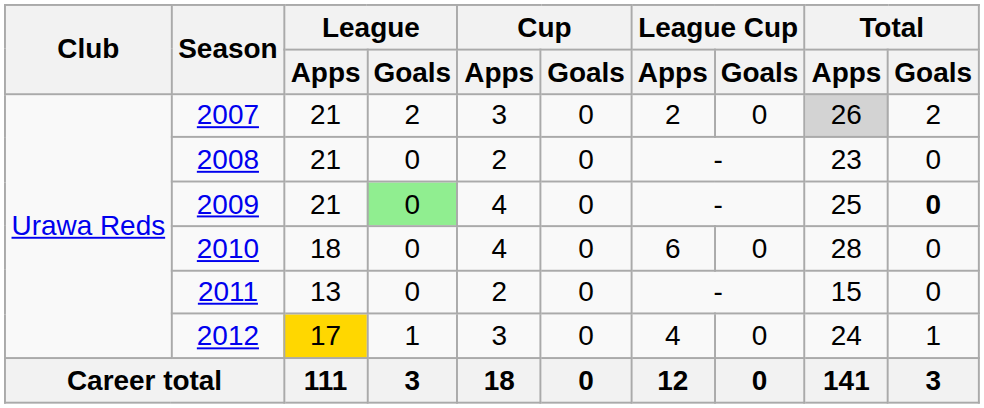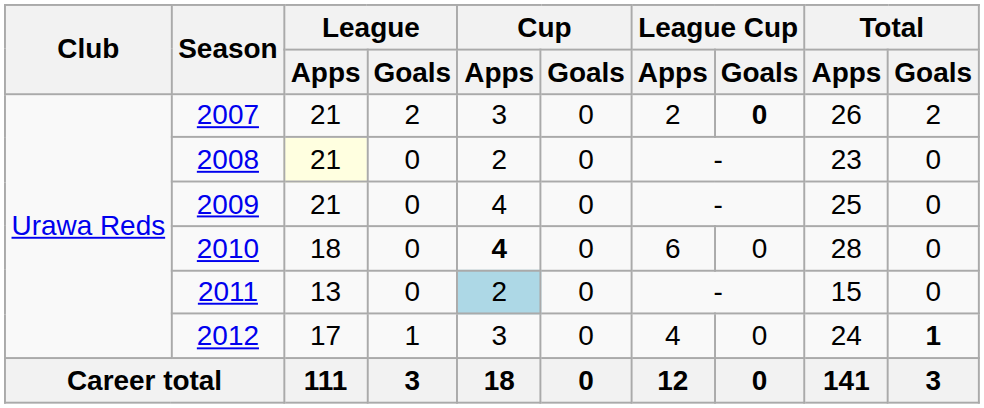 <table class="wikitable" style="font-size:90%; text-align:center;">
 <tr>
 <th rowspan="2">Club</th>
 <th rowspan="2">Season</th>
 <th colspan="2">League</th>
 <th colspan="2">Cup</th>
 <th colspan="2">League Cup</th>
 <th colspan="2">Total</th>
 </tr>
 <tr>
 <th>Apps</th>
 <th>Goals</th>
 <th>Apps</th>
 <th>Goals</th>
 <th>Apps</th>
 <th>Goals</th>
 <th>Apps</th>
 <th>Goals</th>
 </tr>
 <tr>
 <td rowspan="6"><a href='#'>Urawa Reds</a></td>
 <td><a href='#'>2007</a></td>
 <td>21</td>
 <td>2</td>
 <td>3</td>
 <td>0</td>
 <td>2</td>
-<td>0</td>
-<td style="background: lightgrey;">26</td>
+<td><strong>0</strong></td>
+<td>26</td>
 <td>2</td>
 </tr>
 <tr>
 <td><a href='#'>2008</a></td>
-<td>21</td>
+<td style="background: lightyellow;">21</td>
 <td>0</td>
 <td>2</td>
 <td>0</td>
 <td colspan="2">-</td>
 <td>23</td>
 <td>0</td>
 </tr>
 <tr>
 <td><a href='#'>2009</a></td>
 <td>21</td>
-<td style="background: lightgreen;">0</td>
+<td>0</td>
 <td>4</td>
 <td>0</td>
 <td colspan="2">-</td>
 <td>25</td>
-<td><strong>0</strong></td>
+<td>0</td>
 </tr>
 <tr>
 <td><a href='#'>2010</a></td>
 <td>18</td>
 <td>0</td>
-<td>4</td>
+<td><strong>4</strong></td>
 <td>0</td>
 <td>6</td>
 <td>0</td>
 <td>28</td>
 <td>0</td>
 </tr>
 <tr>
 <td><a href='#'>2011</a></td>
 <td>13</td>
 <td>0</td>
-<td>2</td>
+<td style="background: lightblue;">2</td>
 <td>0</td>
 <td colspan="2">-</td>
 <td>15</td>
 <td>0</td>
 </tr>
 <tr>
 <td><a href='#'>2012</a></td>
-<td style="background: gold;">17</td>
+<td>17</td>
 <td>1</td>
 <td>3</td>
 <td>0</td>
 <td>4</td>
 <td>0</td>
 <td>24</td>
-<td>1</td>
+<td><strong>1</strong></td>
 </tr>
 <tr>
 <th colspan="2">Career total</th>
 <th>111</th>
 <th>3</th>
 <th>18</th>
 <th>0</th>
 <th>12</th>
 <th>0</th>
 <th>141</th>
 <th>3</th>
 </tr>
 </table>
